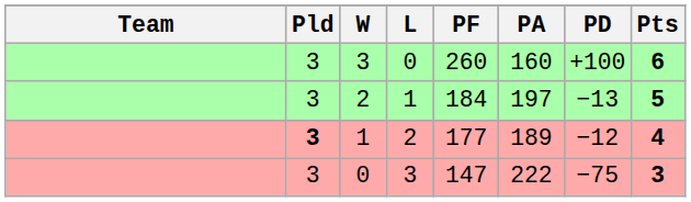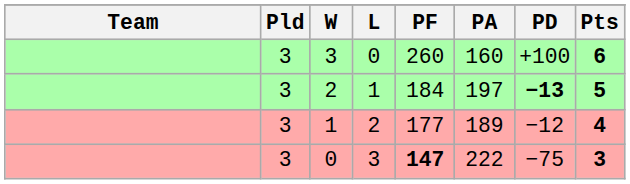 <table class=wikitable>
 <tr align=center>
 </tr>
 <tr>
 <th width=150>Team</th>
 <th width=20>Pld</th>
 <th width=20>W</th>
 <th width=20>L</th>
 <th width=30>PF</th>
 <th width=30>PA</th>
 <th width=30>PD</th>
 <th width=20>Pts</th>
 </tr>
 <tr align=center bgcolor=#aaffaa>
 <td align=left></td>
 <td>3</td>
 <td>3</td>
 <td>0</td>
 <td>260</td>
 <td>160</td>
 <td>+100</td>
 <td><strong>6</strong></td>
 </tr>
 <tr align=center bgcolor=#aaffaa>
 <td align=left></td>
 <td>3</td>
 <td>2</td>
 <td>1</td>
 <td>184</td>
 <td>197</td>
-<td>−13</td>
+<td><strong>−13</strong></td>
 <td><strong>5</strong></td>
 </tr>
 <tr align=center bgcolor=#ffaaaa>
 <td align=left></td>
-<td><strong>3</strong></td>
+<td>3</td>
 <td>1</td>
 <td>2</td>
 <td>177</td>
 <td>189</td>
 <td>−12</td>
 <td><strong>4</strong></td>
 </tr>
 <tr align=center bgcolor=#ffaaaa>
 <td align=left></td>
 <td>3</td>
 <td>0</td>
 <td>3</td>
-<td>147</td>
+<td><strong>147</strong></td>
 <td>222</td>
 <td>−75</td>
 <td><strong>3</strong></td>
 </tr>
 </table>
